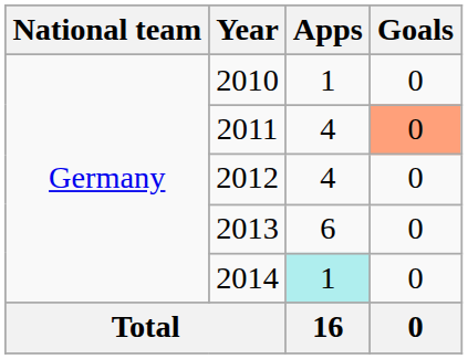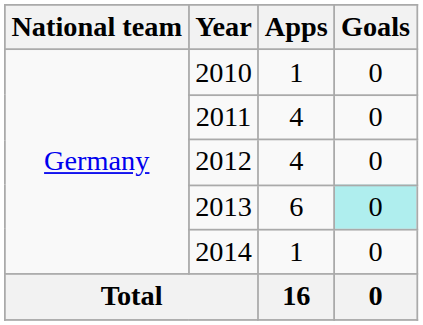 <table class="wikitable" style="text-align:center">
 <tr>
 <th>National team</th>
 <th>Year</th>
 <th>Apps</th>
 <th>Goals</th>
 </tr>
 <tr>
 <td rowspan="5"><a href='#'>Germany</a></td>
 <td>2010</td>
 <td>1</td>
 <td>0</td>
 </tr>
 <tr>
 <td>2011</td>
 <td>4</td>
-<td style="background: lightsalmon;">0</td>
+<td>0</td>
 </tr>
 <tr>
 <td>2012</td>
 <td>4</td>
 <td>0</td>
 </tr>
 <tr>
 <td>2013</td>
 <td>6</td>
-<td>0</td>
+<td style="background: paleturquoise;">0</td>
 </tr>
 <tr>
 <td>2014</td>
-<td style="background: paleturquoise;">1</td>
+<td>1</td>
 <td>0</td>
 </tr>
 <tr>
 <th colspan="2">Total</th>
 <th>16</th>
 <th>0</th>
 </tr>
 </table>
